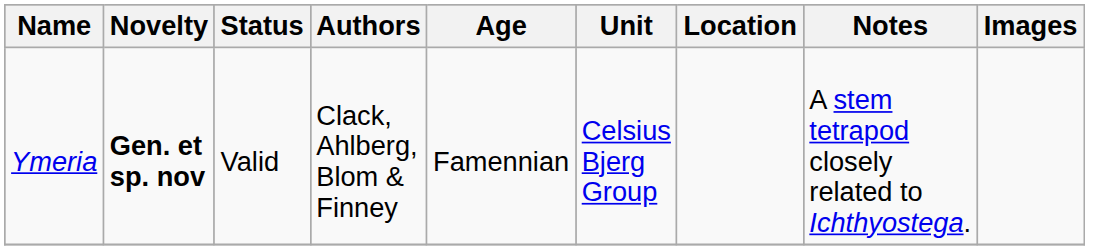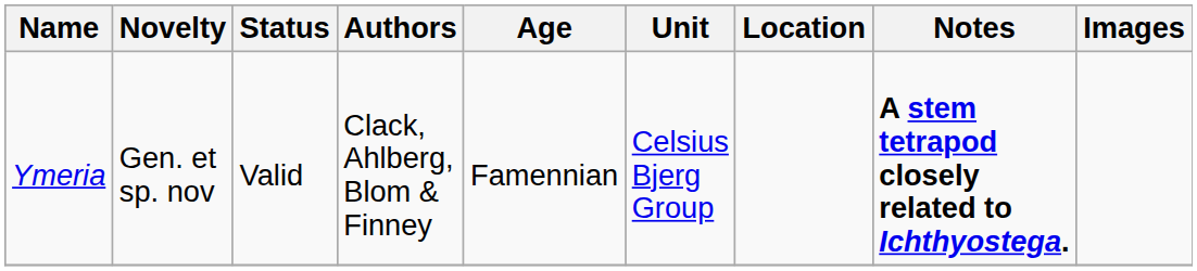 <table class="wikitable sortable" align="center" width="100%">
 <tr>
 <th>Name</th>
 <th>Novelty</th>
 <th>Status</th>
 <th>Authors</th>
 <th>Age</th>
 <th>Unit</th>
 <th>Location</th>
 <th>Notes</th>
 <th>Images</th>
 </tr>
 <tr>
 <td><br><em><a href='#'>Ymeria</a></em></td>
-<td><strong><br>Gen. et sp. nov</strong></td>
+<td><br>Gen. et sp. nov</td>
 <td><br>Valid</td>
 <td><br>Clack, Ahlberg, Blom & Finney</td>
 <td><br>Famennian</td>
 <td><br><a href='#'>Celsius Bjerg Group</a></td>
 <td><br></td>
-<td><br>A <a href='#'>stem tetrapod</a> closely related to <em><a href='#'>Ichthyostega</a></em>.</td>
+<td><strong><br>A <a href='#'>stem tetrapod</a> closely related to <em><a href='#'>Ichthyostega</a></em>.</strong></td>
 <td></td>
 </tr>
 <tr>
 </tr>
 </table>
